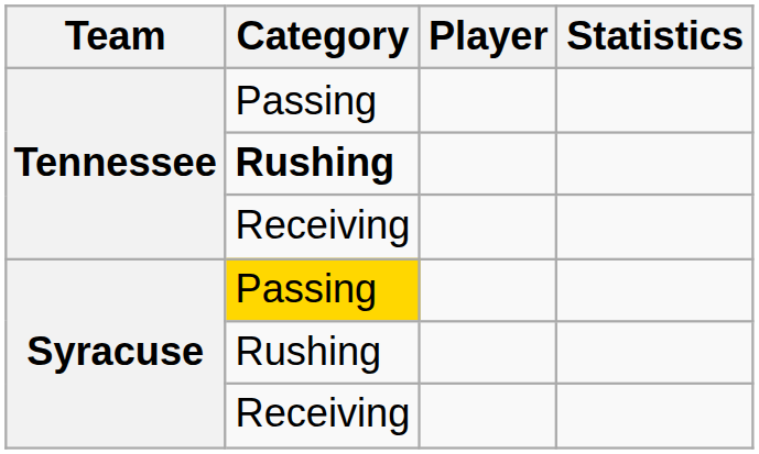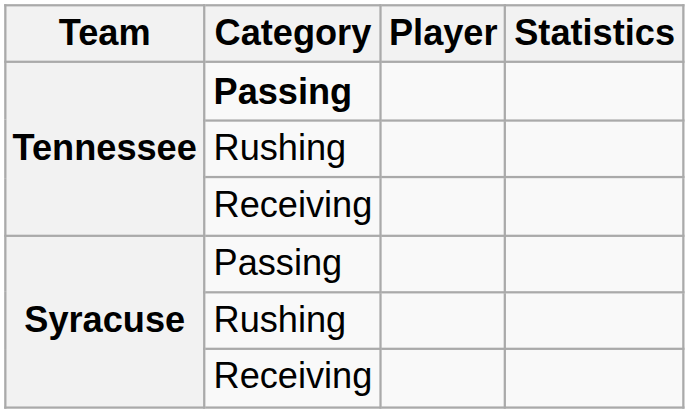 <table class="wikitable" style="float:right">
 <tr>
 <th>Team</th>
 <th>Category</th>
 <th>Player</th>
 <th>Statistics</th>
 </tr>
 <tr>
 <th rowspan=3>Tennessee</th>
-<td>Passing</td>
+<td><strong>Passing</strong></td>
 <td></td>
 <td></td>
 </tr>
 <tr>
-<td><strong>Rushing</strong></td>
+<td>Rushing</td>
 <td></td>
 <td></td>
 </tr>
 <tr>
 <td>Receiving</td>
 <td></td>
 <td></td>
 </tr>
 <tr>
 <th rowspan=3>Syracuse</th>
-<td style="background: gold;">Passing</td>
+<td>Passing</td>
 <td></td>
 <td></td>
 </tr>
 <tr>
 <td>Rushing</td>
 <td></td>
 <td></td>
 </tr>
 <tr>
 <td>Receiving</td>
 <td></td>
 <td></td>
 </tr>
 </table>
